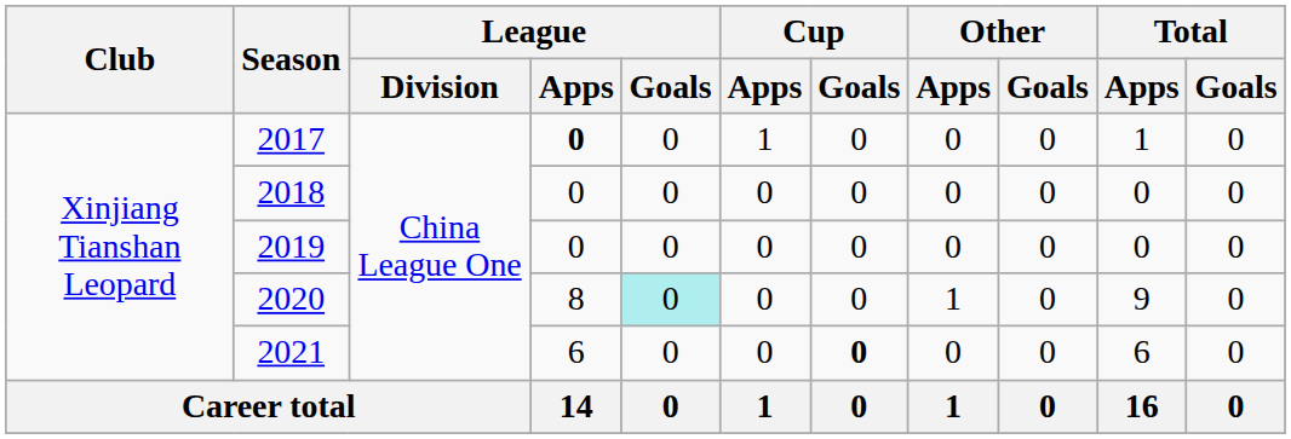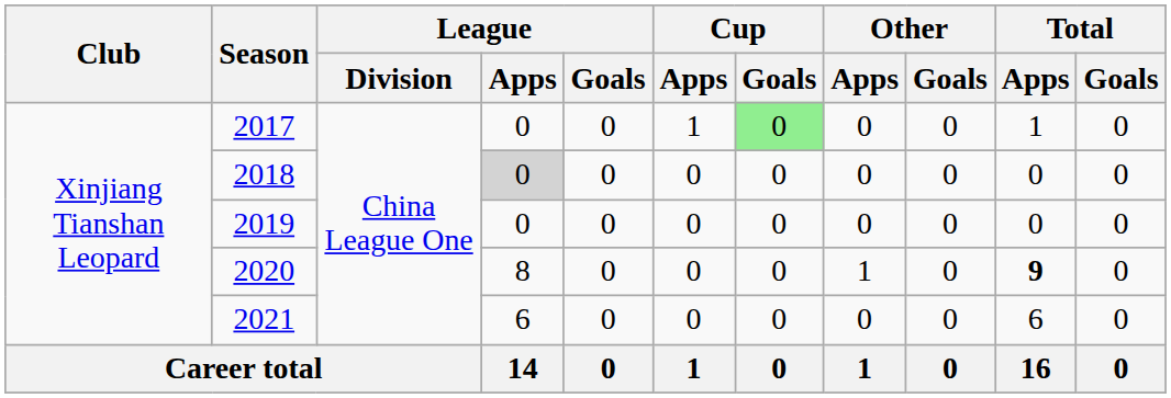 <table class="wikitable" style="text-align: center">
 <tr>
 <th rowspan="2">Club</th>
 <th rowspan="2">Season</th>
 <th colspan="3">League</th>
 <th colspan="2">Cup</th>
 <th colspan="2">Other</th>
 <th colspan="2">Total</th>
 </tr>
 <tr>
 <th>Division</th>
 <th>Apps</th>
 <th>Goals</th>
 <th>Apps</th>
 <th>Goals</th>
 <th>Apps</th>
 <th>Goals</th>
 <th>Apps</th>
 <th>Goals</th>
 </tr>
 <tr>
 <td rowspan="5"><a href='#'>Xinjiang Tianshan Leopard</a></td>
 <td><a href='#'>2017</a></td>
 <td rowspan="5"><a href='#'>China League One</a></td>
-<td><strong>0</strong></td>
+<td>0</td>
 <td>0</td>
 <td>1</td>
-<td>0</td>
+<td style="background: lightgreen;">0</td>
 <td>0</td>
 <td>0</td>
 <td>1</td>
 <td>0</td>
 </tr>
 <tr>
 <td><a href='#'>2018</a></td>
-<td>0</td>
+<td style="background: lightgrey;">0</td>
 <td>0</td>
 <td>0</td>
 <td>0</td>
 <td>0</td>
 <td>0</td>
 <td>0</td>
 <td>0</td>
 </tr>
 <tr>
 <td><a href='#'>2019</a></td>
 <td>0</td>
 <td>0</td>
 <td>0</td>
 <td>0</td>
 <td>0</td>
 <td>0</td>
 <td>0</td>
 <td>0</td>
 </tr>
 <tr>
 <td><a href='#'>2020</a></td>
 <td>8</td>
-<td style="background: paleturquoise;">0</td>
+<td>0</td>
 <td>0</td>
 <td>0</td>
 <td>1</td>
 <td>0</td>
-<td>9</td>
+<td><strong>9</strong></td>
 <td>0</td>
 </tr>
 <tr>
 <td><a href='#'>2021</a></td>
 <td>6</td>
 <td>0</td>
 <td>0</td>
-<td><strong>0</strong></td>
+<td>0</td>
 <td>0</td>
 <td>0</td>
 <td>6</td>
 <td>0</td>
 </tr>
 <tr>
 <th colspan=3>Career total</th>
 <th>14</th>
 <th>0</th>
 <th>1</th>
 <th>0</th>
 <th>1</th>
 <th>0</th>
 <th>16</th>
 <th>0</th>
 </tr>
 </table>
